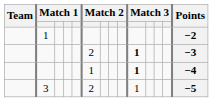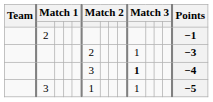 <table class="wikitable sortable" style="text-align:center;">
 <tr>
 <th rowspan=2>Team</th>
 <th colspan=4 style="border-left:3px solid gray">Match 1</th>
 <th colspan=4 style="border-left:3px solid gray">Match 2</th>
 <th colspan=4 style="border-left:3px solid gray">Match 3</th>
 <th rowspan=2 style="border-left:3px solid gray">Points</th>
 </tr>
 <tr>
 <th style="border-left:3px solid gray"></th>
 <th></th>
 <th></th>
 <th></th>
 <th style="border-left:3px solid gray"></th>
 <th></th>
 <th></th>
 <th></th>
 <th style="border-left:3px solid gray"></th>
 <th></th>
 <th></th>
 <th></th>
 </tr>
 <tr>
 <td align=left></td>
-<td style="border-left:3px solid gray">1</td>
+<td style="border-left:3px solid gray">2</td>
 <td></td>
 <td></td>
 <td></td>
 <td style="border-left:3px solid gray"></td>
 <td></td>
 <td></td>
 <td></td>
 <td style="border-left:3px solid gray"></td>
 <td></td>
 <td></td>
 <td></td>
-<th style="border-left:3px solid gray">−2</th>
+<th style="border-left:3px solid gray">−1</th>
 </tr>
 <tr>
 <td align=left></td>
 <td style="border-left:3px solid gray"></td>
 <td></td>
 <td></td>
 <td></td>
 <td style="border-left:3px solid gray">2</td>
 <td></td>
 <td></td>
 <td></td>
-<td style="border-left:3px solid gray"><strong>1</strong></td>
+<td style="border-left:3px solid gray">1</td>
 <td></td>
 <td></td>
 <td></td>
 <th style="border-left:3px solid gray">−3</th>
 </tr>
 <tr>
 <td align=left></td>
 <td style="border-left:3px solid gray"></td>
 <td></td>
 <td></td>
 <td></td>
-<td style="border-left:3px solid gray">1</td>
+<td style="border-left:3px solid gray">3</td>
 <td></td>
 <td></td>
 <td></td>
 <td style="border-left:3px solid gray"><strong>1</strong></td>
 <td></td>
 <td></td>
 <td></td>
 <th style="border-left:3px solid gray">−4</th>
 </tr>
 <tr>
 <td align=left></td>
 <td style="border-left:3px solid gray">3</td>
 <td></td>
 <td></td>
 <td></td>
-<td style="border-left:3px solid gray">2</td>
+<td style="border-left:3px solid gray">1</td>
 <td></td>
 <td></td>
 <td></td>
 <td style="border-left:3px solid gray">1</td>
 <td></td>
 <td></td>
 <td></td>
 <th style="border-left:3px solid gray">−5</th>
 </tr>
 </table>
